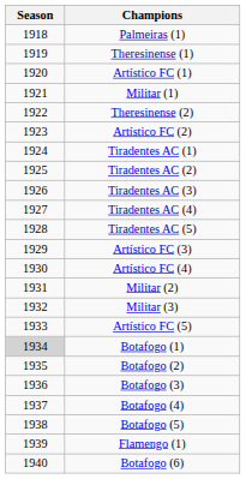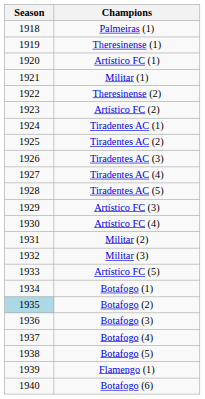 <table class="wikitable" style="text-align:center; margin-left:1em;">
 <tr>
 <th style="width:70px">Season</th>
 <th style="width:220px">Champions</th>
 </tr>
 <tr>
 <td>1918</td>
 <td><a href='#'>Palmeiras</a> (1)</td>
 </tr>
 <tr>
 <td>1919</td>
 <td><a href='#'>Theresinense</a> (1)</td>
 </tr>
 <tr>
 <td>1920</td>
 <td><a href='#'>Artístico FC</a> (1)</td>
 </tr>
 <tr>
 <td>1921</td>
 <td><a href='#'>Militar</a> (1)</td>
 </tr>
 <tr>
 <td>1922</td>
 <td><a href='#'>Theresinense</a> (2)</td>
 </tr>
 <tr>
 <td>1923</td>
 <td><a href='#'>Artístico FC</a> (2)</td>
 </tr>
 <tr>
 <td>1924</td>
 <td><a href='#'>Tiradentes AC</a> (1)</td>
 </tr>
 <tr>
 <td>1925</td>
 <td><a href='#'>Tiradentes AC</a> (2)</td>
 </tr>
 <tr>
 <td>1926</td>
 <td><a href='#'>Tiradentes AC</a> (3)</td>
 </tr>
 <tr>
 <td>1927</td>
 <td><a href='#'>Tiradentes AC</a> (4)</td>
 </tr>
 <tr>
 <td>1928</td>
 <td><a href='#'>Tiradentes AC</a> (5)</td>
 </tr>
 <tr>
 <td>1929</td>
 <td><a href='#'>Artístico FC</a> (3)</td>
 </tr>
 <tr>
 <td>1930</td>
 <td><a href='#'>Artístico FC</a> (4)</td>
 </tr>
 <tr>
 <td>1931</td>
 <td><a href='#'>Militar</a> (2)</td>
 </tr>
 <tr>
 <td>1932</td>
 <td><a href='#'>Militar</a> (3)</td>
 </tr>
 <tr>
 <td>1933</td>
 <td><a href='#'>Artístico FC</a> (5)</td>
 </tr>
 <tr>
-<td style="background: lightgrey;">1934</td>
+<td>1934</td>
 <td><a href='#'>Botafogo</a> (1)</td>
 </tr>
 <tr>
-<td>1935</td>
+<td style="background: lightblue;">1935</td>
 <td><a href='#'>Botafogo</a> (2)</td>
 </tr>
 <tr>
 <td>1936</td>
 <td><a href='#'>Botafogo</a> (3)</td>
 </tr>
 <tr>
 <td>1937</td>
 <td><a href='#'>Botafogo</a> (4)</td>
 </tr>
 <tr>
 <td>1938</td>
 <td><a href='#'>Botafogo</a> (5)</td>
 </tr>
 <tr>
 <td>1939</td>
 <td><a href='#'>Flamengo</a> (1)</td>
 </tr>
 <tr>
 <td>1940</td>
 <td><a href='#'>Botafogo</a> (6)</td>
 </tr>
 </table>
